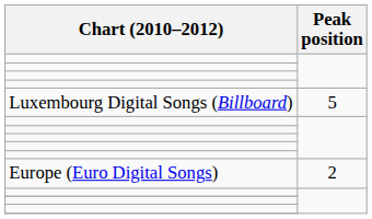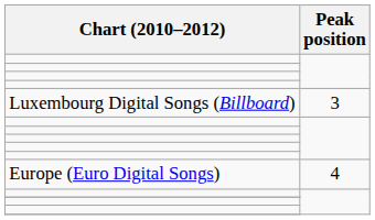 <table class="wikitable sortable">
 <tr>
 <th>Chart (2010–2012)</th>
 <th>Peak<br>position</th>
 </tr>
 <tr>
 <td></td>
 </tr>
 <tr>
 <td></td>
 </tr>
 <tr>
 <td></td>
 </tr>
 <tr>
 <td></td>
 </tr>
 <tr>
 <td>Luxembourg Digital Songs (<em><a href='#'>Billboard</a></em>)</td>
-<td style="text-align:center;">5</td>
+<td style="text-align:center;">3</td>
 </tr>
 <tr>
 <td></td>
 </tr>
 <tr>
 <td></td>
 </tr>
 <tr>
 <td></td>
 </tr>
 <tr>
 <td></td>
 </tr>
 <tr>
 <td></td>
 </tr>
 <tr>
 <td>Europe (<a href='#'>Euro Digital Songs</a>)</td>
-<td align="center">2</td>
+<td align="center">4</td>
 </tr>
 <tr>
 <td></td>
 </tr>
 <tr>
 </tr>
 <tr>
 <td></td>
 </tr>
 <tr>
 <td></td>
 </tr>
 <tr>
 </tr>
 <tr>
 </tr>
 </table>
